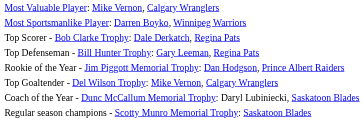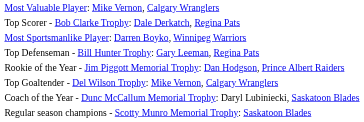 <table cellpadding="3" cellspacing="1">
 <tr>
 <td><a href='#'>Most Valuable Player</a>: <a href='#'>Mike Vernon</a>, <a href='#'>Calgary Wranglers</a></td>
 </tr>
 <tr>
-<td><a href='#'>Most Sportsmanlike Player</a>: <a href='#'>Darren Boyko</a>, <a href='#'>Winnipeg Warriors</a></td>
+<td>Top Scorer - <a href='#'>Bob Clarke Trophy</a>: <a href='#'>Dale Derkatch</a>, <a href='#'>Regina Pats</a></td>
 </tr>
 <tr>
-<td>Top Scorer - <a href='#'>Bob Clarke Trophy</a>: <a href='#'>Dale Derkatch</a>, <a href='#'>Regina Pats</a></td>
+<td><a href='#'>Most Sportsmanlike Player</a>: <a href='#'>Darren Boyko</a>, <a href='#'>Winnipeg Warriors</a></td>
 </tr>
 <tr>
 <td>Top Defenseman - <a href='#'>Bill Hunter Trophy</a>: <a href='#'>Gary Leeman</a>, <a href='#'>Regina Pats</a></td>
 </tr>
 <tr>
 <td>Rookie of the Year - <a href='#'>Jim Piggott Memorial Trophy</a>: <a href='#'>Dan Hodgson</a>, <a href='#'>Prince Albert Raiders</a></td>
 </tr>
 <tr>
 <td>Top Goaltender - <a href='#'>Del Wilson Trophy</a>: <a href='#'>Mike Vernon</a>, <a href='#'>Calgary Wranglers</a></td>
 </tr>
 <tr>
 <td>Coach of the Year - <a href='#'>Dunc McCallum Memorial Trophy</a>: Daryl Lubiniecki, <a href='#'>Saskatoon Blades</a></td>
 </tr>
 <tr>
 <td>Regular season champions - <a href='#'>Scotty Munro Memorial Trophy</a>: <a href='#'>Saskatoon Blades</a></td>
 </tr>
 </table>
